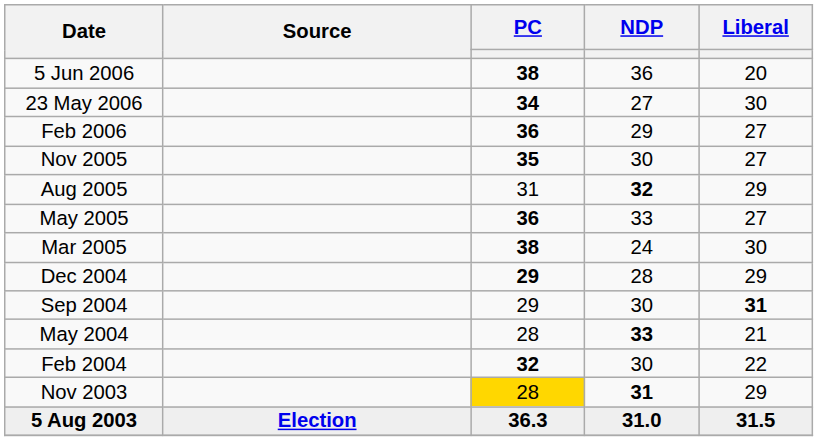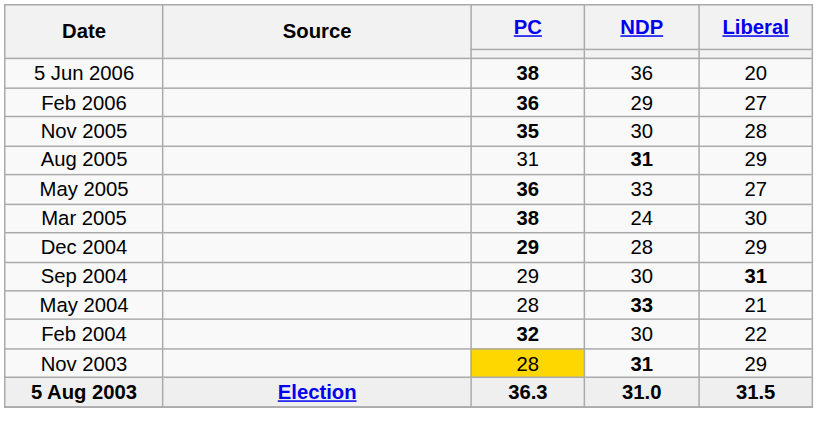 <table Class="wikitable" style="text-align:center;font-size:85%;line-height:13px">
 <tr style="height:30px; background-color:#E9E9E9">
 <th style="width:100px;" rowspan="2">Date</th>
 <th style="width:200px;" rowspan="2">Source</th>
 <th style="width:70px;"><a href='#'>PC</a></th>
 <th style="width:70px;"><a href='#'>NDP</a></th>
 <th style="width:70px;"><a href='#'>Liberal</a></th>
 </tr>
 <tr>
 <th style="background:"></th>
 <th style="background:"></th>
 <th style="background:"></th>
 </tr>
 <tr>
 <td>5 Jun 2006</td>
 <td></td>
 <td><strong>38</strong></td>
 <td>36</td>
 <td>20</td>
 </tr>
 <tr>
-<td>23 May 2006</td>
-<td></td>
-<td><strong>34</strong></td>
-<td>27</td>
-<td>30</td>
-</tr>
-<tr>
 <td>Feb 2006</td>
 <td></td>
 <td><strong>36</strong></td>
 <td>29</td>
 <td>27</td>
 </tr>
 <tr>
 <td>Nov 2005</td>
 <td></td>
 <td><strong>35</strong></td>
 <td>30</td>
-<td>27</td>
+<td>28</td>
 </tr>
 <tr>
 <td>Aug 2005</td>
 <td></td>
 <td>31</td>
-<td><strong>32</strong></td>
+<td><strong>31</strong></td>
 <td>29</td>
 </tr>
 <tr>
 <td>May 2005</td>
 <td></td>
 <td><strong>36</strong></td>
 <td>33</td>
 <td>27</td>
 </tr>
 <tr>
 <td>Mar 2005</td>
 <td></td>
 <td><strong>38</strong></td>
 <td>24</td>
 <td>30</td>
 </tr>
 <tr>
 <td>Dec 2004</td>
 <td></td>
 <td><strong>29</strong></td>
 <td>28</td>
 <td>29</td>
 </tr>
 <tr>
 <td>Sep 2004</td>
 <td></td>
 <td>29</td>
 <td>30</td>
 <td><strong>31</strong></td>
 </tr>
 <tr>
 <td>May 2004</td>
 <td></td>
 <td>28</td>
 <td><strong>33</strong></td>
 <td>21</td>
 </tr>
 <tr>
 <td>Feb 2004</td>
 <td></td>
 <td><strong>32</strong></td>
 <td>30</td>
 <td>22</td>
 </tr>
 <tr>
 <td>Nov 2003</td>
 <td></td>
 <td style="background: gold;">28</td>
 <td><strong>31</strong></td>
 <td>29</td>
 </tr>
 <tr style="background:#EFEFEF; font-weight:bold;">
 <td>5 Aug 2003</td>
 <td><a href='#'>Election</a></td>
 <td><strong>36.3</strong></td>
 <td>31.0</td>
 <td>31.5</td>
 </tr>
 <tr>
 </tr>
 </table>
